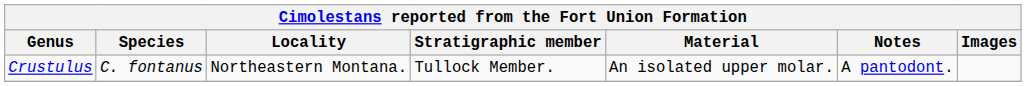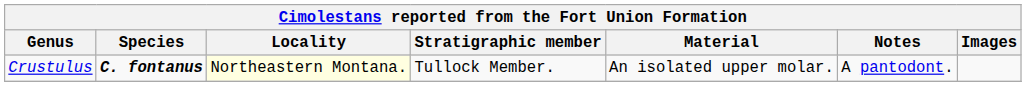 <table class="wikitable" align="center">
 <tr>
 <th colspan="7" align="center"><strong><a href='#'>Cimolestans</a> reported from the Fort Union Formation</strong></th>
 </tr>
 <tr>
 <th>Genus</th>
 <th>Species</th>
 <th>Locality</th>
 <th><strong>Stratigraphic member</strong></th>
 <th><strong>Material</strong></th>
 <th>Notes</th>
 <th>Images</th>
 </tr>
 <tr>
 <td><em><a href='#'>Crustulus</a></em></td>
-<td><em>C. fontanus</em></td>
-<td>Northeastern Montana.</td>
+<td><strong><em>C. fontanus</em></strong></td>
+<td style="background: lightyellow;">Northeastern Montana.</td>
 <td>Tullock Member.</td>
 <td>An isolated upper molar.</td>
 <td>A <a href='#'>pantodont</a>.</td>
 <td></td>
 </tr>
 <tr>
 </tr>
 </table>
